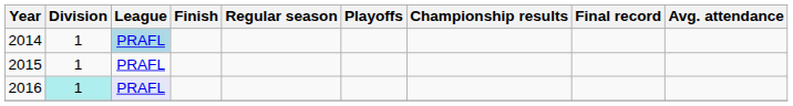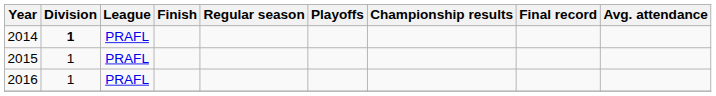 <table class="wikitable"  style="text-align: left;">
 <tr>
 <th>Year</th>
 <th>Division</th>
 <th>League</th>
 <th>Finish</th>
 <th>Regular season</th>
 <th>Playoffs</th>
 <th>Championship results</th>
 <th>Final record</th>
 <th>Avg. attendance</th>
 </tr>
 <tr>
 <td align=center>2014</td>
-<td align=center>1</td>
-<td align=center style="background: lightblue;"><a href='#'>PRAFL</a></td>
+<td align=center><strong>1</strong></td>
+<td align=center><a href='#'>PRAFL</a></td>
 <td align=center></td>
 <td align=center></td>
 <td align=center></td>
 <td></td>
 <td align=center></td>
 <td align=center></td>
 </tr>
 <tr>
 <td align=center>2015</td>
 <td align=center>1</td>
 <td align=center><a href='#'>PRAFL</a></td>
 <td align=center></td>
 <td align=center></td>
 <td align=center></td>
 <td></td>
 <td align=center></td>
 <td align=center></td>
 </tr>
 <tr>
 <td align=center>2016</td>
-<td align=center style="background: paleturquoise;">1</td>
-<td align=center style="background: lavender;"><a href='#'>PRAFL</a></td>
+<td align=center>1</td>
+<td align=center><a href='#'>PRAFL</a></td>
 <td align=center></td>
 <td align=center></td>
 <td align=center></td>
 <td></td>
 <td align=center></td>
 <td align=center></td>
 </tr>
 <tr>
 </tr>
 </table>
